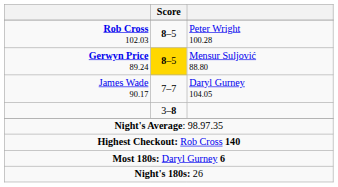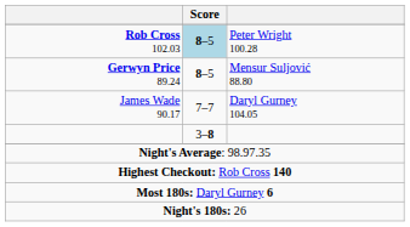 <table class=wikitable style="text-align:center">
 <tr>
 <th width=225></th>
 <th width=50>Score</th>
 <th width=225></th>
 </tr>
 <tr align=center>
 </tr>
 <tr align=left>
 <td align=right><strong><a href='#'>Rob Cross</a></strong>  <br><small><span>102.03</span></small></td>
-<td align=center><strong>8</strong>–5</td>
+<td align=center style="background: lightblue;"><strong>8</strong>–5</td>
 <td> <a href='#'>Peter Wright</a> <br><small><span>100.28</span></small></td>
 </tr>
 <tr align=left>
 <td align=right><strong><a href='#'>Gerwyn Price</a></strong>  <br><small><span>89.24</span></small></td>
-<td align=center style="background: gold;"><strong>8</strong>–5</td>
+<td align=center><strong>8</strong>–5</td>
 <td> <a href='#'>Mensur Suljović</a> <br><small><span>88.80</span></small></td>
 </tr>
 <tr align=left>
 <td align=right><a href='#'>James Wade</a>  <br><small><span>90.17</span></small></td>
 <td align=center>7–7</td>
 <td> <a href='#'>Daryl Gurney</a> <br><small><span>104.05</span></small></td>
 </tr>
 <tr align=left>
 <td align=right></td>
 <td align=center>3–<strong>8</strong></td>
 <td></td>
 </tr>
 <tr align=center>
 </tr>
 <tr align=center>
 <td colspan="3"><strong>Night's Average</strong>: 98.97.35</td>
 </tr>
 <tr align=center>
 <td colspan="3"><strong>Highest Checkout:</strong>  <a href='#'>Rob Cross</a> <strong>140</strong></td>
 </tr>
 <tr align=center>
 <td colspan="3"><strong>Most 180s:</strong>  <a href='#'>Daryl Gurney</a> <strong>6</strong></td>
 </tr>
 <tr align=center>
 <td colspan="3"><strong>Night's 180s:</strong> 26</td>
 </tr>
 </table>
